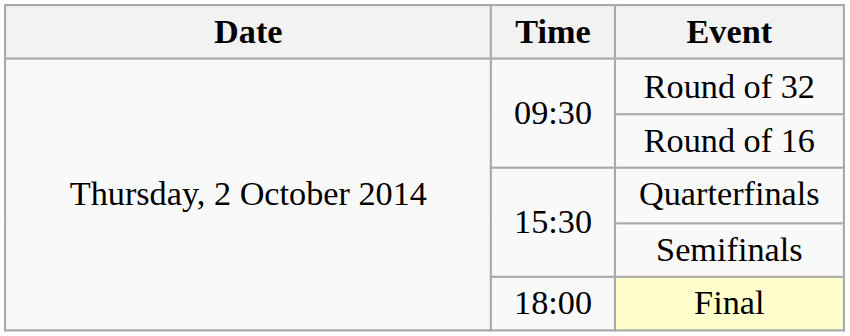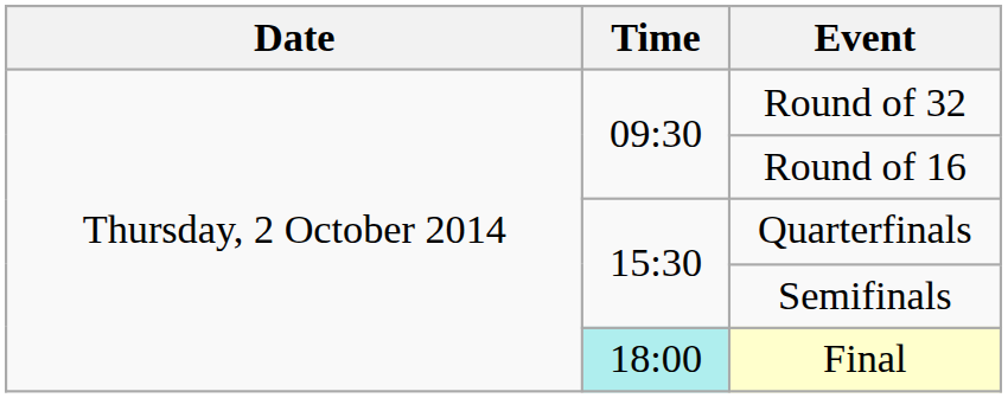 <table class = "wikitable" style="text-align:center;">
 <tr>
 <th width=220>Date</th>
 <th width=50>Time</th>
 <th width=100>Event</th>
 </tr>
 <tr>
 <td rowspan=5>Thursday, 2 October 2014</td>
 <td rowspan=2>09:30</td>
 <td>Round of 32</td>
 </tr>
 <tr>
 <td>Round of 16</td>
 </tr>
 <tr>
 <td rowspan=2>15:30</td>
 <td>Quarterfinals</td>
 </tr>
 <tr>
 <td>Semifinals</td>
 </tr>
 <tr>
-<td>18:00</td>
+<td style="background: paleturquoise;">18:00</td>
 <td bgcolor=ffffcc>Final</td>
 </tr>
 </table>
